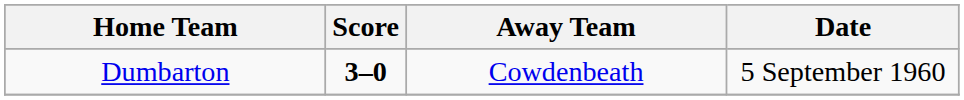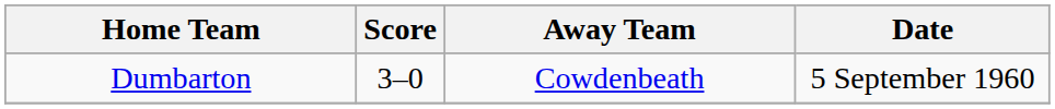 <table class="wikitable" style="text-align:center;">
 <tr>
 <th width=175>Home Team</th>
 <th width=20>Score</th>
 <th width=175>Away Team</th>
 <th width= 125>Date</th>
 </tr>
 <tr>
 <td><a href='#'>Dumbarton</a></td>
-<td><strong>3–0</strong></td>
+<td>3–0</td>
 <td><a href='#'>Cowdenbeath</a></td>
 <td>5 September 1960</td>
 </tr>
 <tr>
 </tr>
 </table>
